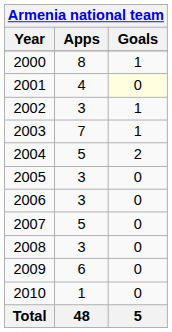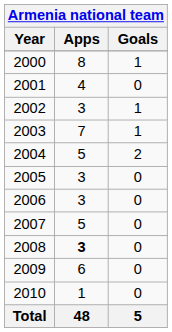 <table class="wikitable" style="text-align:center">
 <tr>
 <th colspan=3><a href='#'>Armenia national team</a></th>
 </tr>
 <tr>
 <th>Year</th>
 <th>Apps</th>
 <th>Goals</th>
 </tr>
 <tr>
 </tr>
 <tr>
 <td>2000</td>
 <td>8</td>
 <td>1</td>
 </tr>
 <tr>
 <td>2001</td>
 <td>4</td>
-<td style="background: lightyellow;">0</td>
+<td>0</td>
 </tr>
 <tr>
 <td>2002</td>
 <td>3</td>
 <td>1</td>
 </tr>
 <tr>
 <td>2003</td>
 <td>7</td>
 <td>1</td>
 </tr>
 <tr>
 <td>2004</td>
 <td>5</td>
 <td>2</td>
 </tr>
 <tr>
 <td>2005</td>
 <td>3</td>
 <td>0</td>
 </tr>
 <tr>
 <td>2006</td>
 <td>3</td>
 <td>0</td>
 </tr>
 <tr>
 <td>2007</td>
 <td>5</td>
 <td>0</td>
 </tr>
 <tr>
 <td>2008</td>
-<td>3</td>
+<td><strong>3</strong></td>
 <td>0</td>
 </tr>
 <tr>
 <td>2009</td>
 <td>6</td>
 <td>0</td>
 </tr>
 <tr>
 <td>2010</td>
 <td>1</td>
 <td>0</td>
 </tr>
 <tr>
 <th>Total</th>
 <th>48</th>
 <th>5</th>
 </tr>
 </table>
